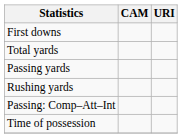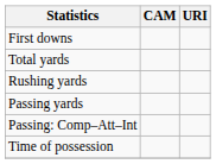 <table class="wikitable" style="float: left;">
 <tr>
 <th>Statistics</th>
 <th>CAM</th>
 <th>URI</th>
 </tr>
 <tr>
 <td>First downs</td>
 <td></td>
 <td></td>
 </tr>
 <tr>
 <td>Total yards</td>
 <td></td>
 <td></td>
 </tr>
 <tr>
-<td>Passing yards</td>
+<td>Rushing yards</td>
 <td></td>
 <td></td>
 </tr>
 <tr>
-<td>Rushing yards</td>
+<td>Passing yards</td>
 <td></td>
 <td></td>
 </tr>
 <tr>
 <td>Passing: Comp–Att–Int</td>
 <td></td>
 <td></td>
 </tr>
 <tr>
 <td>Time of possession</td>
 <td></td>
 <td></td>
 </tr>
 <tr>
 </tr>
 </table>
